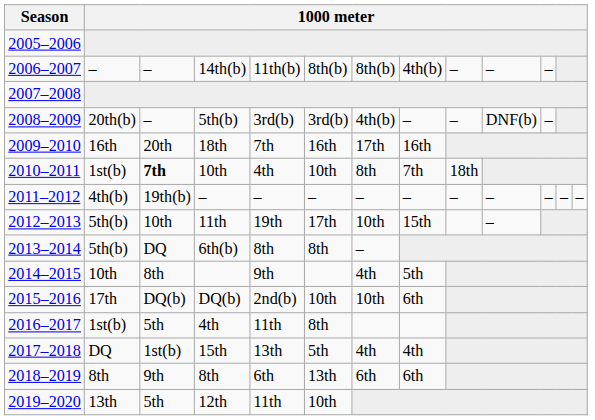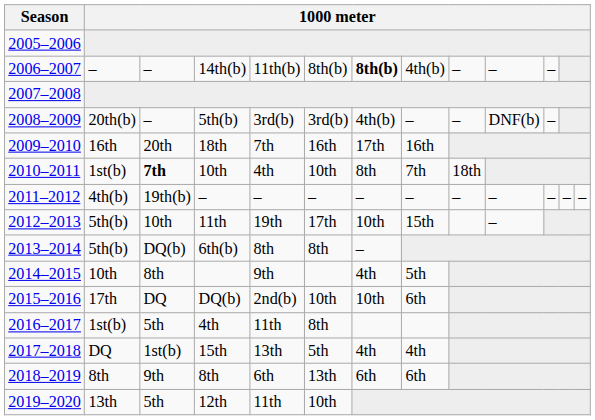 <table class="wikitable" style="display: inline-table;">
 <tr>
 <th>Season</th>
 <th colspan="12">1000 meter</th>
 </tr>
 <tr>
 <td><a href='#'>2005–2006</a></td>
 <td colspan="12" bgcolor=#EEEEEE></td>
 </tr>
 <tr>
 <td><a href='#'>2006–2007</a></td>
 <td>–</td>
 <td>–</td>
 <td>14th(b)</td>
 <td>11th(b)</td>
 <td>8th(b)</td>
-<td>8th(b)</td>
+<td><strong>8th(b)</strong></td>
 <td>4th(b)</td>
 <td>–</td>
 <td>–</td>
 <td>–</td>
 <td colspan="12" bgcolor=#EEEEEE></td>
 </tr>
 <tr>
 <td><a href='#'>2007–2008</a></td>
 <td colspan="12" bgcolor=#EEEEEE></td>
 </tr>
 <tr>
 <td><a href='#'>2008–2009</a></td>
 <td>20th(b)</td>
 <td>–</td>
 <td>5th(b)</td>
 <td>3rd(b)</td>
 <td>3rd(b)</td>
 <td>4th(b)</td>
 <td>–</td>
 <td>–</td>
 <td>DNF(b)</td>
 <td>–</td>
 <td colspan="12" bgcolor=#EEEEEE></td>
 </tr>
 <tr>
 <td><a href='#'>2009–2010</a></td>
 <td>16th</td>
 <td>20th</td>
 <td>18th</td>
 <td>7th</td>
 <td>16th</td>
 <td>17th</td>
 <td>16th</td>
 <td colspan="10" bgcolor=#EEEEEE></td>
 </tr>
 <tr>
 <td><a href='#'>2010–2011</a></td>
 <td>1st(b)</td>
 <td><strong>7th</strong></td>
 <td>10th</td>
 <td>4th</td>
 <td>10th</td>
 <td>8th</td>
 <td>7th</td>
 <td>18th</td>
 <td colspan="10" bgcolor=#EEEEEE></td>
 </tr>
 <tr>
 <td><a href='#'>2011–2012</a></td>
 <td>4th(b)</td>
 <td>19th(b)</td>
 <td>–</td>
 <td>–</td>
 <td>–</td>
 <td>–</td>
 <td>–</td>
 <td>–</td>
 <td>–</td>
 <td>–</td>
 <td>–</td>
 <td>–</td>
 </tr>
 <tr>
 <td><a href='#'>2012–2013</a></td>
 <td>5th(b)</td>
 <td>10th</td>
 <td>11th</td>
 <td>19th</td>
 <td>17th</td>
 <td>10th</td>
 <td>15th</td>
 <td></td>
 <td>–</td>
 <td colspan="12" bgcolor=#EEEEEE></td>
 </tr>
 <tr>
 <td><a href='#'>2013–2014</a></td>
 <td>5th(b)</td>
-<td>DQ</td>
+<td>DQ(b)</td>
 <td>6th(b)</td>
 <td>8th</td>
 <td>8th</td>
 <td>–</td>
 <td colspan="12" bgcolor=#EEEEEE></td>
 </tr>
 <tr>
 <td><a href='#'>2014–2015</a></td>
 <td>10th</td>
 <td>8th</td>
 <td></td>
 <td>9th</td>
 <td></td>
 <td>4th</td>
 <td>5th</td>
 <td colspan="12" bgcolor=#EEEEEE></td>
 </tr>
 <tr>
 <td><a href='#'>2015–2016</a></td>
 <td>17th</td>
-<td>DQ(b)</td>
+<td>DQ</td>
 <td>DQ(b)</td>
 <td>2nd(b)</td>
 <td>10th</td>
 <td>10th</td>
 <td>6th</td>
 <td colspan="12" bgcolor=#EEEEEE></td>
 </tr>
 <tr>
 <td><a href='#'>2016–2017</a></td>
 <td>1st(b)</td>
 <td>5th</td>
 <td>4th</td>
 <td>11th</td>
 <td>8th</td>
 <td></td>
 <td></td>
 <td colspan="12" bgcolor=#EEEEEE></td>
 </tr>
 <tr>
 <td><a href='#'>2017–2018</a></td>
 <td>DQ</td>
 <td>1st(b)</td>
 <td>15th</td>
 <td>13th</td>
 <td>5th</td>
 <td>4th</td>
 <td>4th</td>
 <td colspan="12" bgcolor=#EEEEEE></td>
 </tr>
 <tr>
 <td><a href='#'>2018–2019</a></td>
 <td>8th</td>
 <td>9th</td>
 <td>8th</td>
 <td>6th</td>
 <td>13th</td>
 <td>6th</td>
 <td>6th</td>
 <td colspan="12" bgcolor=#EEEEEE></td>
 </tr>
 <tr>
 <td><a href='#'>2019–2020</a></td>
 <td>13th</td>
 <td>5th</td>
 <td>12th</td>
 <td>11th</td>
 <td>10th</td>
 <td colspan="12" bgcolor=#EEEEEE></td>
 </tr>
 </table>
